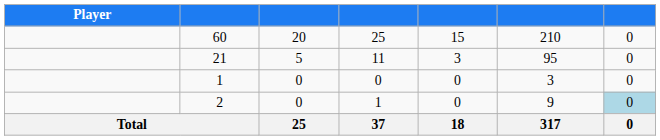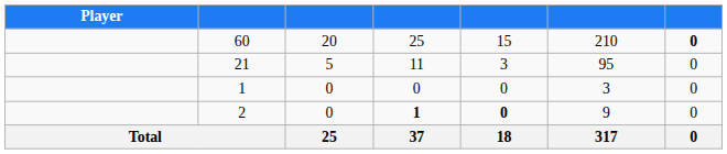 <table class="wikitable sortable" style="width:60%; text-align:center;">
 <tr>
 <th style="color:white; background:#1D7CF2; ">Player</th>
 <th style="color:white; background:#1D7CF2; "></th>
 <th style="color:white; background:#1D7CF2; "></th>
 <th style="color:white; background:#1D7CF2; "></th>
 <th style="color:white; background:#1D7CF2; "></th>
 <th style="color:white; background:#1D7CF2; "></th>
 <th style="color:white; background:#1D7CF2; "></th>
 </tr>
 <tr>
 <td></td>
 <td>60</td>
 <td>20</td>
 <td>25</td>
 <td>15</td>
 <td>210</td>
-<td>0</td>
+<td><strong>0</strong></td>
 </tr>
 <tr>
 <td></td>
 <td>21</td>
 <td>5</td>
 <td>11</td>
 <td>3</td>
 <td>95</td>
 <td>0</td>
 </tr>
 <tr>
 <td></td>
 <td>1</td>
 <td>0</td>
 <td>0</td>
 <td>0</td>
 <td>3</td>
 <td>0</td>
 </tr>
 <tr>
 <td></td>
 <td>2</td>
 <td>0</td>
-<td>1</td>
+<td><strong>1</strong></td>
+<td><strong>0</strong></td>
+<td>9</td>
 <td>0</td>
-<td>9</td>
-<td style="background: lightblue;">0</td>
 </tr>
 <tr class="sortbottom">
 <th colspan=2>Total</th>
 <th>25</th>
 <th>37</th>
 <th>18</th>
 <th>317</th>
 <th>0</th>
 </tr>
 </table>
